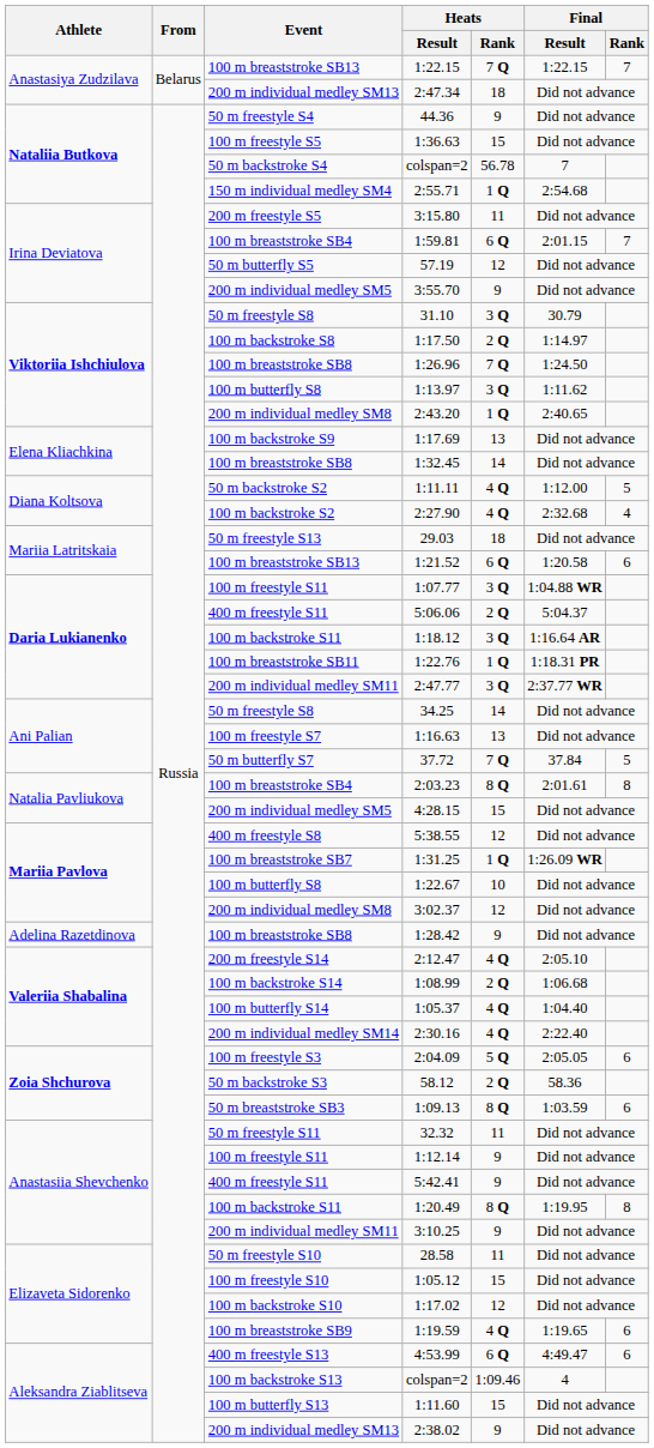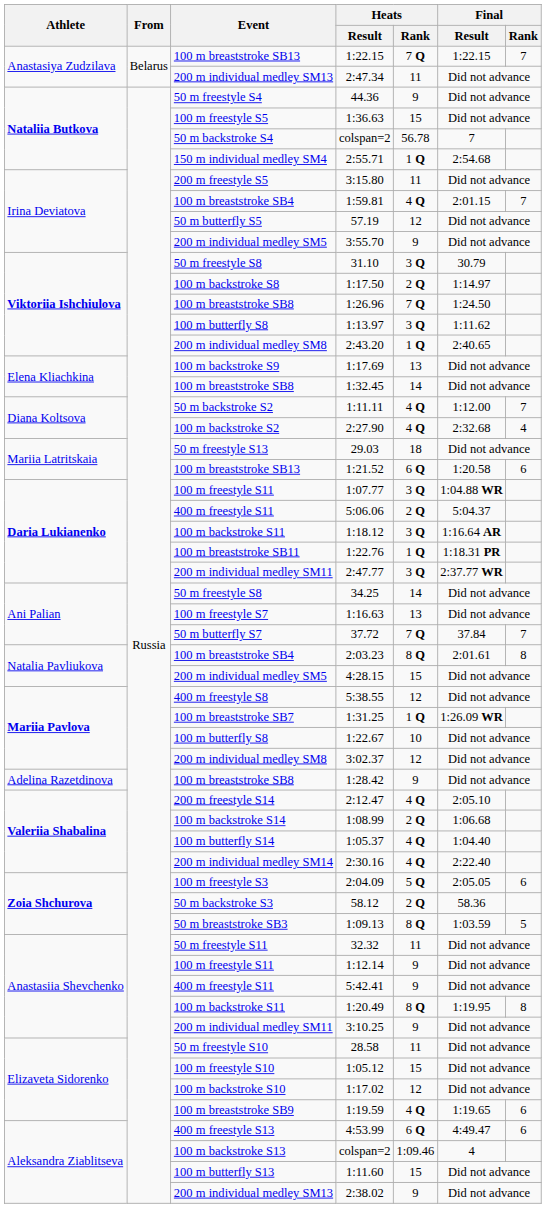 <table class="wikitable" style="font-size:90%; text-align:center">
 <tr>
 <th rowspan=2>Athlete</th>
 <th rowspan=2>From</th>
 <th rowspan=2>Event</th>
 <th colspan=2>Heats</th>
 <th colspan=2>Final</th>
 </tr>
 <tr>
 <th>Result</th>
 <th>Rank</th>
 <th>Result</th>
 <th>Rank</th>
 </tr>
 <tr>
 <td rowspan=2 align=left><a href='#'>Anastasiya Zudzilava</a></td>
 <td rowspan=2>Belarus</td>
 <td align=left><a href='#'>100 m breaststroke SB13</a></td>
 <td>1:22.15</td>
 <td>7 <strong>Q</strong></td>
 <td>1:22.15</td>
 <td>7</td>
 </tr>
 <tr>
 <td align=left><a href='#'>200 m individual medley SM13</a></td>
 <td>2:47.34</td>
-<td>18</td>
+<td>11</td>
 <td colspan=2>Did not advance</td>
 </tr>
 <tr>
 <td rowspan=4 align=left><strong><a href='#'>Nataliia Butkova</a></strong></td>
 <td rowspan=54>Russia</td>
 <td align=left><a href='#'>50 m freestyle S4</a></td>
 <td>44.36</td>
 <td>9</td>
 <td colspan=2>Did not advance</td>
 </tr>
 <tr>
 <td align=left><a href='#'>100 m freestyle S5</a></td>
 <td>1:36.63</td>
 <td>15</td>
 <td colspan=2>Did not advance</td>
 </tr>
 <tr>
 <td align=left><a href='#'>50 m backstroke S4</a></td>
 <td>colspan=2 </td>
 <td>56.78</td>
 <td>7</td>
 </tr>
 <tr>
 <td align=left><a href='#'>150 m individual medley SM4</a></td>
 <td>2:55.71</td>
 <td>1 <strong>Q</strong></td>
 <td>2:54.68</td>
 <td></td>
 </tr>
 <tr>
 <td rowspan=4 align=left><a href='#'>Irina Deviatova</a></td>
 <td align=left><a href='#'>200 m freestyle S5</a></td>
 <td>3:15.80</td>
 <td>11</td>
 <td colspan=2>Did not advance</td>
 </tr>
 <tr>
 <td align=left><a href='#'>100 m breaststroke SB4</a></td>
 <td>1:59.81</td>
-<td>6 <strong>Q</strong></td>
+<td>4 <strong>Q</strong></td>
 <td>2:01.15</td>
 <td>7</td>
 </tr>
 <tr>
 <td align=left><a href='#'>50 m butterfly S5</a></td>
 <td>57.19</td>
 <td>12</td>
 <td colspan=2>Did not advance</td>
 </tr>
 <tr>
 <td align=left><a href='#'>200 m individual medley SM5</a></td>
 <td>3:55.70</td>
 <td>9</td>
 <td colspan="2">Did not advance</td>
 </tr>
 <tr>
 <td rowspan=5 align=left><strong><a href='#'>Viktoriia Ishchiulova</a></strong></td>
 <td align=left><a href='#'>50 m freestyle S8</a></td>
 <td>31.10</td>
 <td>3 <strong>Q</strong></td>
 <td>30.79</td>
 <td></td>
 </tr>
 <tr>
 <td align=left><a href='#'>100 m backstroke S8</a></td>
 <td>1:17.50</td>
 <td>2 <strong>Q</strong></td>
 <td>1:14.97</td>
 <td></td>
 </tr>
 <tr>
 <td align=left><a href='#'>100 m breaststroke SB8</a></td>
 <td>1:26.96</td>
 <td>7 <strong>Q</strong></td>
 <td>1:24.50</td>
 <td></td>
 </tr>
 <tr>
 <td align=left><a href='#'>100 m butterfly S8</a></td>
 <td>1:13.97</td>
 <td>3 <strong>Q</strong></td>
 <td>1:11.62</td>
 <td></td>
 </tr>
 <tr>
 <td align=left><a href='#'>200 m individual medley SM8</a></td>
 <td>2:43.20</td>
 <td>1 <strong>Q</strong></td>
 <td>2:40.65</td>
 <td></td>
 </tr>
 <tr>
 <td rowspan=2 align=left><a href='#'>Elena Kliachkina</a></td>
 <td align=left><a href='#'>100 m backstroke S9</a></td>
 <td>1:17.69</td>
 <td>13</td>
 <td colspan=2>Did not advance</td>
 </tr>
 <tr>
 <td align=left><a href='#'>100 m breaststroke SB8</a></td>
 <td>1:32.45</td>
 <td>14</td>
 <td colspan=2>Did not advance</td>
 </tr>
 <tr>
 <td rowspan=2 align=left><a href='#'>Diana Koltsova</a></td>
 <td align=left><a href='#'>50 m backstroke S2</a></td>
 <td>1:11.11</td>
 <td>4 <strong>Q</strong></td>
 <td>1:12.00</td>
-<td>5</td>
+<td>7</td>
 </tr>
 <tr>
 <td align=left><a href='#'>100 m backstroke S2</a></td>
 <td>2:27.90</td>
 <td>4 <strong>Q</strong></td>
 <td>2:32.68</td>
 <td>4</td>
 </tr>
 <tr>
 <td rowspan=2 align=left><a href='#'>Mariia Latritskaia</a></td>
 <td align=left><a href='#'>50 m freestyle S13</a></td>
 <td>29.03</td>
 <td>18</td>
 <td colspan=2>Did not advance</td>
 </tr>
 <tr>
 <td align=left><a href='#'>100 m breaststroke SB13</a></td>
 <td>1:21.52</td>
 <td>6 <strong>Q</strong></td>
 <td>1:20.58</td>
 <td>6</td>
 </tr>
 <tr>
 <td rowspan=5 align=left><strong><a href='#'>Daria Lukianenko</a></strong></td>
 <td align=left><a href='#'>100 m freestyle S11</a></td>
 <td>1:07.77</td>
 <td>3 <strong>Q</strong></td>
 <td>1:04.88 <strong>WR</strong></td>
 <td></td>
 </tr>
 <tr>
 <td align=left><a href='#'>400 m freestyle S11</a></td>
 <td>5:06.06</td>
 <td>2 <strong>Q</strong></td>
 <td>5:04.37</td>
 <td></td>
 </tr>
 <tr>
 <td align=left><a href='#'>100 m backstroke S11</a></td>
 <td>1:18.12</td>
 <td>3 <strong>Q</strong></td>
 <td>1:16.64 <strong>AR</strong></td>
 <td></td>
 </tr>
 <tr>
 <td align=left><a href='#'>100 m breaststroke SB11</a></td>
 <td>1:22.76</td>
 <td>1 <strong>Q</strong></td>
 <td>1:18.31 <strong>PR</strong></td>
 <td></td>
 </tr>
 <tr>
 <td align=left><a href='#'>200 m individual medley SM11</a></td>
 <td>2:47.77</td>
 <td>3 <strong>Q</strong></td>
 <td>2:37.77 <strong>WR</strong></td>
 <td></td>
 </tr>
 <tr>
 <td rowspan=3 align=left><a href='#'>Ani Palian</a></td>
 <td align=left><a href='#'>50 m freestyle S8</a></td>
 <td>34.25</td>
 <td>14</td>
 <td colspan=2>Did not advance</td>
 </tr>
 <tr>
 <td align=left><a href='#'>100 m freestyle S7</a></td>
 <td>1:16.63</td>
 <td>13</td>
 <td colspan=2>Did not advance</td>
 </tr>
 <tr>
 <td align=left><a href='#'>50 m butterfly S7</a></td>
 <td>37.72</td>
 <td>7 <strong>Q</strong></td>
 <td>37.84</td>
-<td>5</td>
+<td>7</td>
 </tr>
 <tr>
 <td rowspan=2 align=left><a href='#'>Natalia Pavliukova</a></td>
 <td align=left><a href='#'>100 m breaststroke SB4</a></td>
 <td>2:03.23</td>
 <td>8 <strong>Q</strong></td>
 <td>2:01.61</td>
 <td>8</td>
 </tr>
 <tr>
 <td align=left><a href='#'>200 m individual medley SM5</a></td>
 <td>4:28.15</td>
 <td>15</td>
 <td colspan="2">Did not advance</td>
 </tr>
 <tr>
 <td rowspan=4 align=left><strong><a href='#'>Mariia Pavlova</a></strong></td>
 <td align=left><a href='#'>400 m freestyle S8</a></td>
 <td>5:38.55</td>
 <td>12</td>
 <td colspan=2>Did not advance</td>
 </tr>
 <tr>
 <td align=left><a href='#'>100 m breaststroke SB7</a></td>
 <td>1:31.25</td>
 <td>1 <strong>Q</strong></td>
 <td>1:26.09 <strong>WR</strong></td>
 <td></td>
 </tr>
 <tr>
 <td align=left><a href='#'>100 m butterfly S8</a></td>
 <td>1:22.67</td>
 <td>10</td>
 <td colspan="2">Did not advance</td>
 </tr>
 <tr>
 <td align=left><a href='#'>200 m individual medley SM8</a></td>
 <td>3:02.37</td>
 <td>12</td>
 <td colspan=2>Did not advance</td>
 </tr>
 <tr>
 <td align=left><a href='#'>Adelina Razetdinova</a></td>
 <td align=left><a href='#'>100 m breaststroke SB8</a></td>
 <td>1:28.42</td>
 <td>9</td>
 <td colspan=2>Did not advance</td>
 </tr>
 <tr>
 <td rowspan=4 align=left><strong><a href='#'>Valeriia Shabalina</a></strong></td>
 <td align=left><a href='#'>200 m freestyle S14</a></td>
 <td>2:12.47</td>
 <td>4 <strong>Q</strong></td>
 <td>2:05.10</td>
 <td></td>
 </tr>
 <tr>
 <td align=left><a href='#'>100 m backstroke S14</a></td>
 <td>1:08.99</td>
 <td>2 <strong>Q</strong></td>
 <td>1:06.68</td>
 <td></td>
 </tr>
 <tr>
 <td align=left><a href='#'>100 m butterfly S14</a></td>
 <td>1:05.37</td>
 <td>4 <strong>Q</strong></td>
 <td>1:04.40</td>
 <td></td>
 </tr>
 <tr>
 <td align=left><a href='#'>200 m individual medley SM14</a></td>
 <td>2:30.16</td>
 <td>4 <strong>Q</strong></td>
 <td>2:22.40</td>
 <td></td>
 </tr>
 <tr>
 <td rowspan=3 align=left><strong><a href='#'>Zoia Shchurova</a></strong></td>
 <td align=left><a href='#'>100 m freestyle S3</a></td>
 <td>2:04.09</td>
 <td>5 <strong>Q</strong></td>
 <td>2:05.05</td>
 <td>6</td>
 </tr>
 <tr>
 <td align=left><a href='#'>50 m backstroke S3</a></td>
 <td>58.12</td>
 <td>2 <strong>Q</strong></td>
 <td>58.36</td>
 <td></td>
 </tr>
 <tr>
 <td align=left><a href='#'>50 m breaststroke SB3</a></td>
 <td>1:09.13</td>
 <td>8 <strong>Q</strong></td>
 <td>1:03.59</td>
-<td>6</td>
+<td>5</td>
 </tr>
 <tr>
 <td rowspan=5 align=left><a href='#'>Anastasiia Shevchenko</a></td>
 <td align=left><a href='#'>50 m freestyle S11</a></td>
 <td>32.32</td>
 <td>11</td>
 <td colspan=2>Did not advance</td>
 </tr>
 <tr>
 <td align=left><a href='#'>100 m freestyle S11</a></td>
 <td>1:12.14</td>
 <td>9</td>
 <td colspan="2">Did not advance</td>
 </tr>
 <tr>
 <td align=left><a href='#'>400 m freestyle S11</a></td>
 <td>5:42.41</td>
 <td>9</td>
 <td colspan=2>Did not advance</td>
 </tr>
 <tr>
 <td align=left><a href='#'>100 m backstroke S11</a></td>
 <td>1:20.49</td>
 <td>8 <strong>Q</strong></td>
 <td>1:19.95</td>
 <td>8</td>
 </tr>
 <tr>
 <td align=left><a href='#'>200 m individual medley SM11</a></td>
 <td>3:10.25</td>
 <td>9</td>
 <td colspan=2>Did not advance</td>
 </tr>
 <tr>
 <td rowspan=4 align=left><a href='#'>Elizaveta Sidorenko</a></td>
 <td align=left><a href='#'>50 m freestyle S10</a></td>
 <td>28.58</td>
 <td>11</td>
 <td colspan=2>Did not advance</td>
 </tr>
 <tr>
 <td align=left><a href='#'>100 m freestyle S10</a></td>
 <td>1:05.12</td>
 <td>15</td>
 <td colspan=2>Did not advance</td>
 </tr>
 <tr>
 <td align=left><a href='#'>100 m backstroke S10</a></td>
 <td>1:17.02</td>
 <td>12</td>
 <td colspan=2>Did not advance</td>
 </tr>
 <tr>
 <td align=left><a href='#'>100 m breaststroke SB9</a></td>
 <td>1:19.59</td>
 <td>4 <strong>Q</strong></td>
 <td>1:19.65</td>
 <td>6</td>
 </tr>
 <tr>
 <td rowspan=4 align=left><a href='#'>Aleksandra Ziablitseva</a></td>
 <td align=left><a href='#'>400 m freestyle S13</a></td>
 <td>4:53.99</td>
 <td>6 <strong>Q</strong></td>
 <td>4:49.47</td>
 <td>6</td>
 </tr>
 <tr>
 <td align=left><a href='#'>100 m backstroke S13</a></td>
 <td>colspan=2 </td>
 <td>1:09.46</td>
 <td>4</td>
 </tr>
 <tr>
 <td align=left><a href='#'>100 m butterfly S13</a></td>
 <td>1:11.60</td>
 <td>15</td>
 <td colspan=2>Did not advance</td>
 </tr>
 <tr>
 <td align=left><a href='#'>200 m individual medley SM13</a></td>
 <td>2:38.02</td>
 <td>9</td>
 <td colspan=2>Did not advance</td>
 </tr>
 </table>
